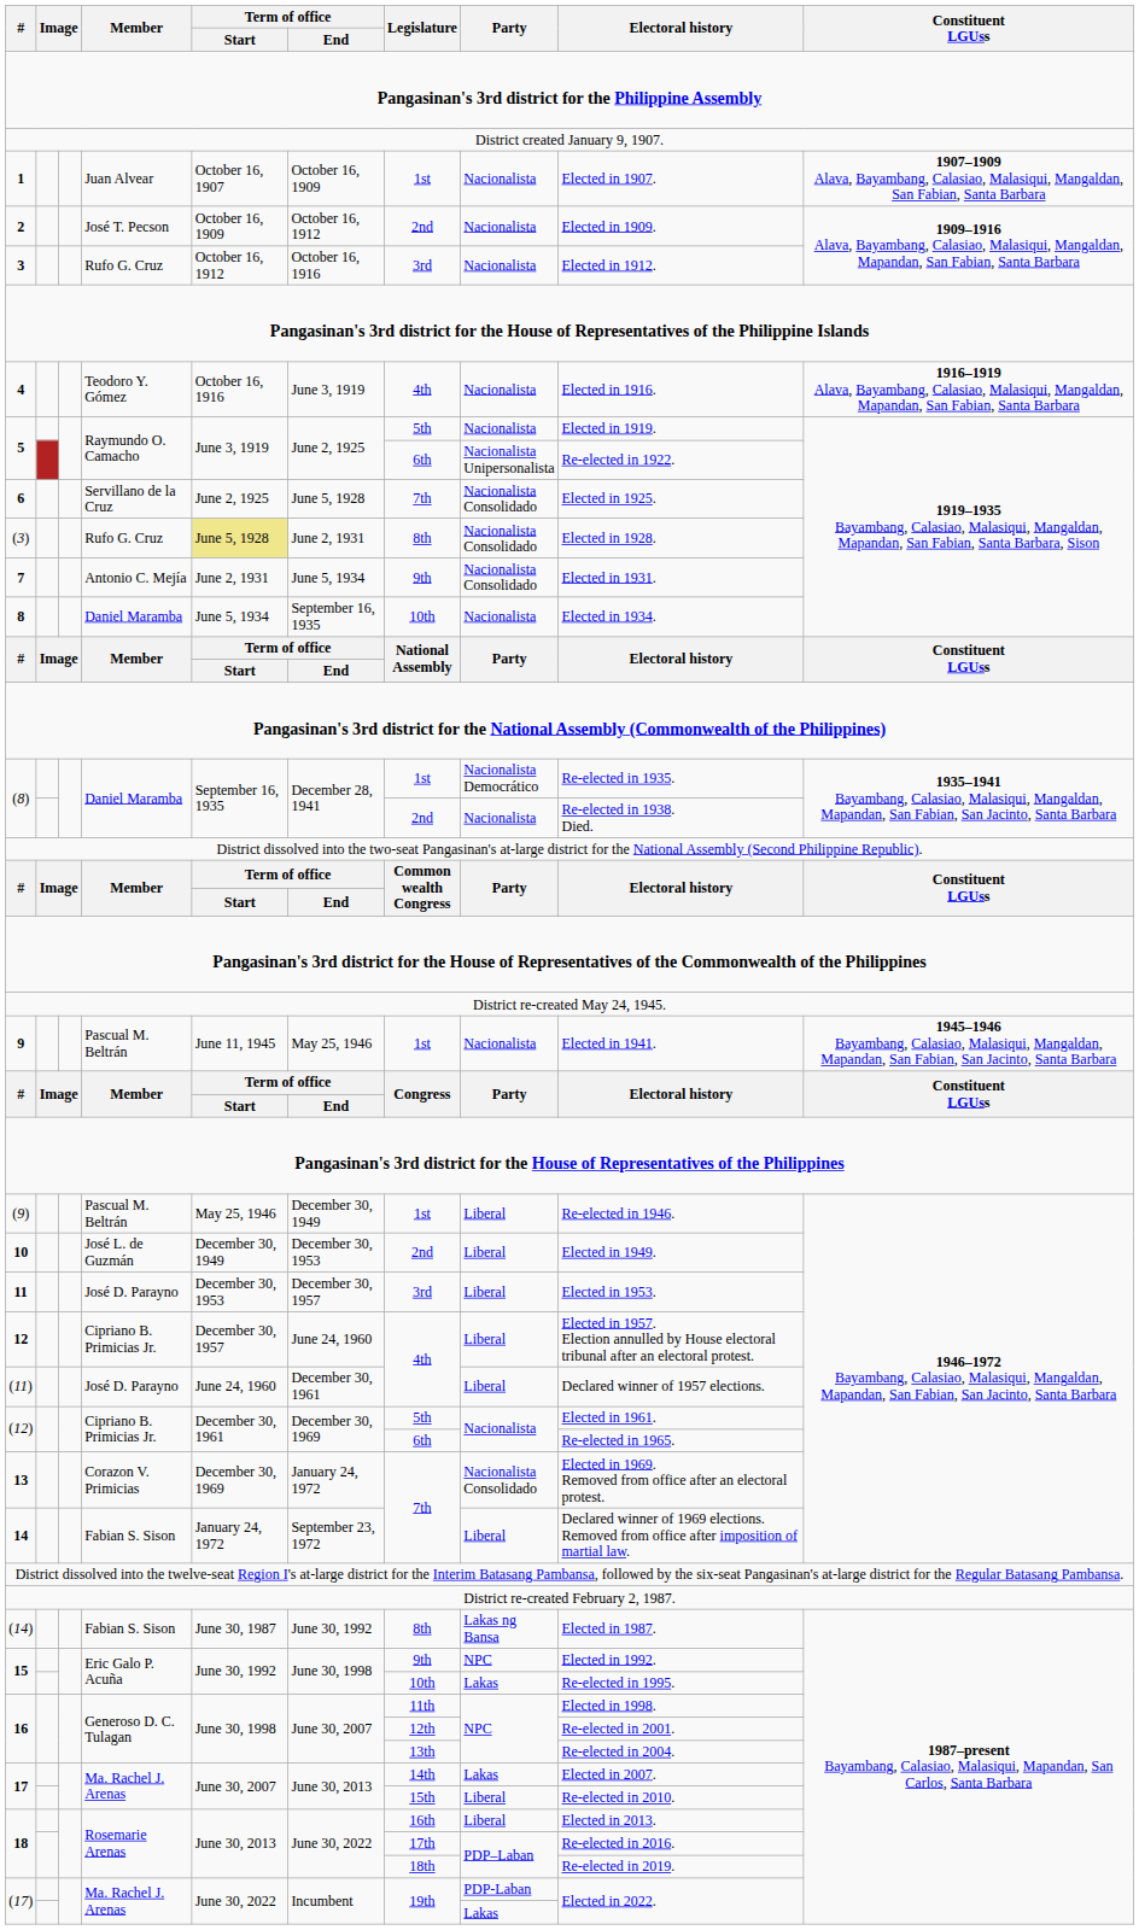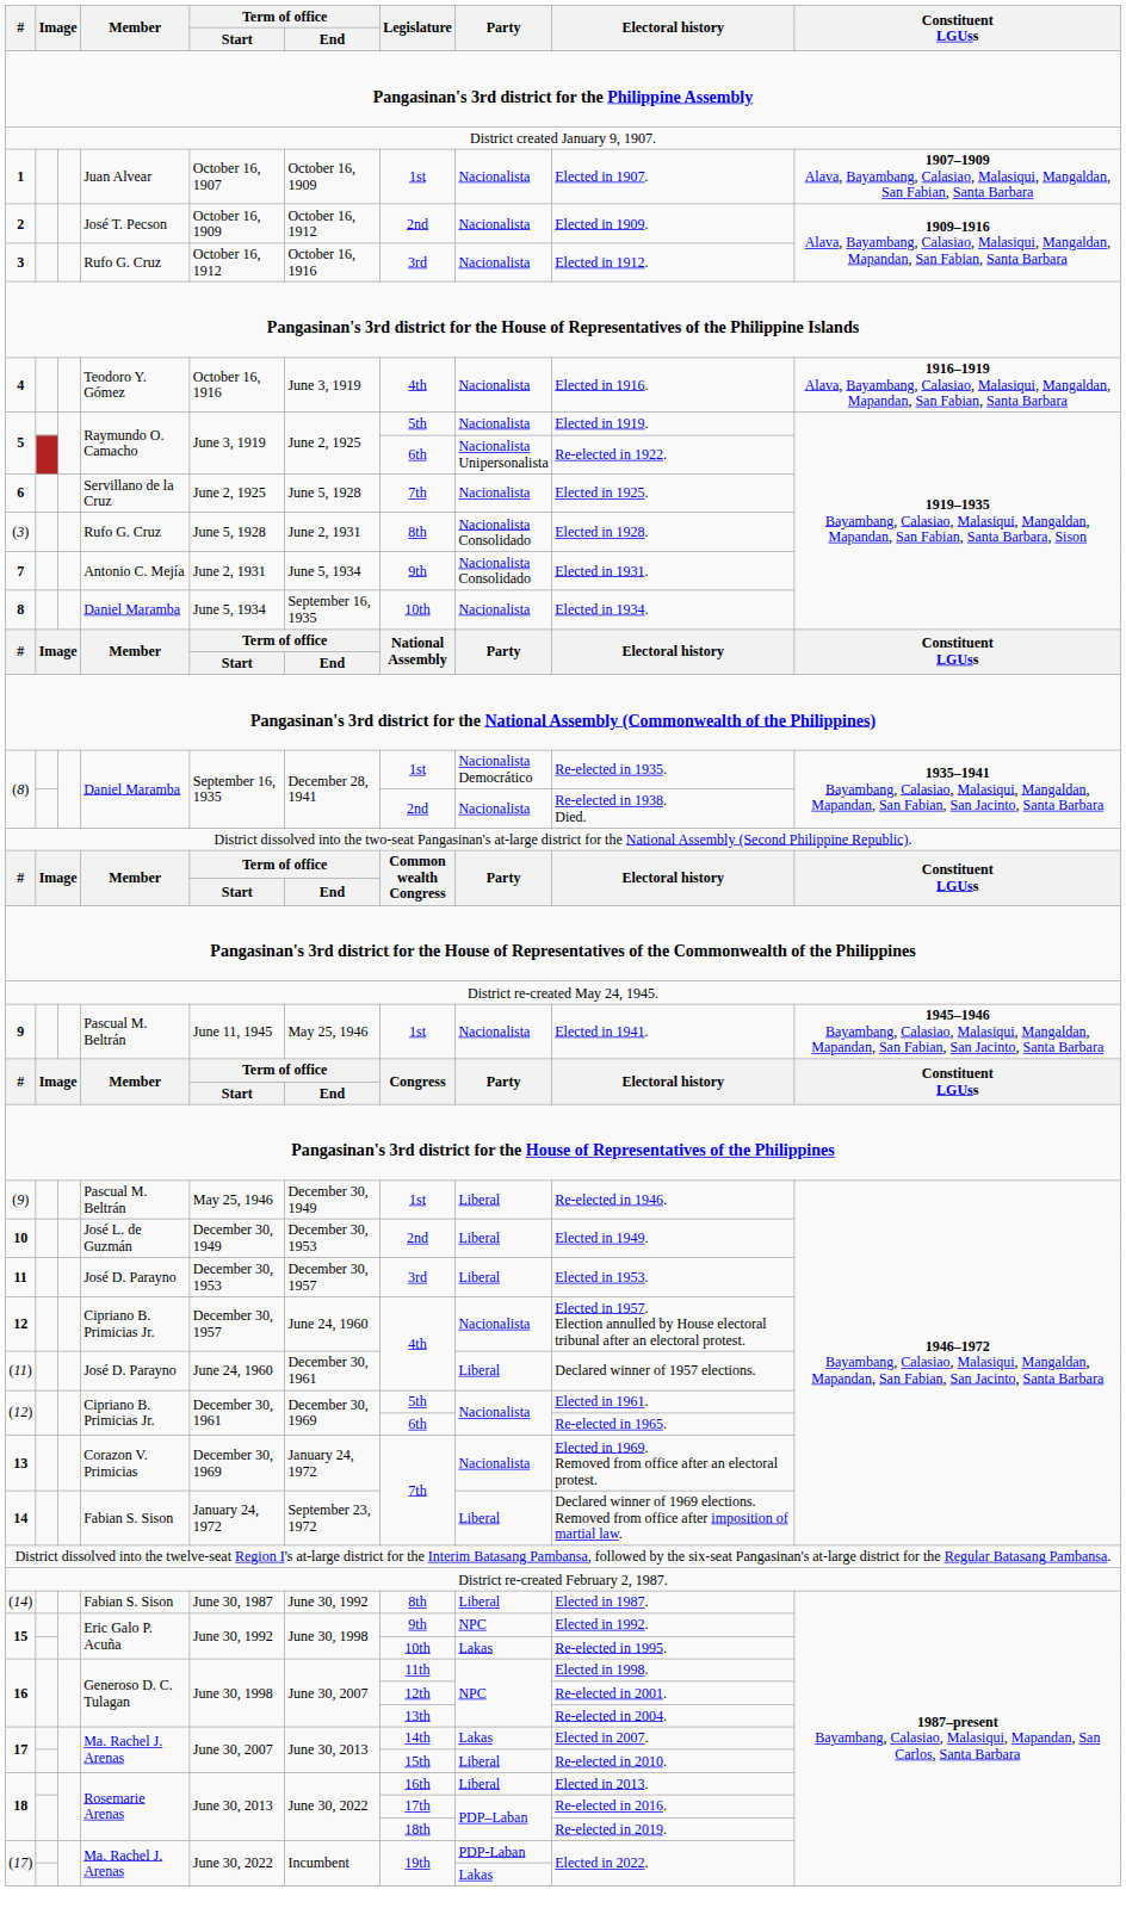 <table class=wikitable>
 <tr>
 <th rowspan="2">#</th>
 <th rowspan="2" colspan=2>Image</th>
 <th rowspan="2">Member</th>
 <th colspan=2>Term of office</th>
 <th rowspan="2">Legislature</th>
 <th rowspan="2">Party</th>
 <th rowspan="2">Electoral history</th>
 <th rowspan="2">Constituent<br><a href='#'>LGUs</a>s</th>
 </tr>
 <tr>
 <th>Start</th>
 <th>End</th>
 </tr>
 <tr>
 <td colspan="10" style="text-align:center;"><br><h3>Pangasinan's 3rd district for the <a href='#'>Philippine Assembly</a></h3></td>
 </tr>
 <tr>
 <td colspan="10" style="text-align:center;">District created January 9, 1907.</td>
 </tr>
 <tr>
 <td style="text-align:center;"><strong>1</strong></td>
 <td style="color:inherit;background:"></td>
 <td></td>
 <td>Juan Alvear</td>
 <td>October 16, 1907</td>
 <td>October 16, 1909</td>
 <td style="text-align:center;"><a href='#'>1st</a></td>
 <td><a href='#'>Nacionalista</a></td>
 <td><a href='#'>Elected in 1907</a>.</td>
 <td style="text-align:center;"><strong>1907–1909</strong><br><a href='#'>Alava</a>, <a href='#'>Bayambang</a>, <a href='#'>Calasiao</a>, <a href='#'>Malasiqui</a>, <a href='#'>Mangaldan</a>, <a href='#'>San Fabian</a>, <a href='#'>Santa Barbara</a></td>
 </tr>
 <tr>
 <td style="text-align:center;"><strong>2</strong></td>
 <td style="color:inherit;background:"></td>
 <td></td>
 <td>José T. Pecson</td>
 <td>October 16, 1909</td>
 <td>October 16, 1912</td>
 <td style="text-align:center;"><a href='#'>2nd</a></td>
 <td><a href='#'>Nacionalista</a></td>
 <td><a href='#'>Elected in 1909</a>.</td>
 <td rowspan="2" style="text-align:center;"><strong>1909–1916</strong><br><a href='#'>Alava</a>, <a href='#'>Bayambang</a>, <a href='#'>Calasiao</a>, <a href='#'>Malasiqui</a>, <a href='#'>Mangaldan</a>, <a href='#'>Mapandan</a>, <a href='#'>San Fabian</a>, <a href='#'>Santa Barbara</a></td>
 </tr>
 <tr>
 <td style="text-align:center;"><strong>3</strong></td>
 <td style="color:inherit;background:"></td>
 <td></td>
 <td>Rufo G. Cruz</td>
 <td>October 16, 1912</td>
 <td>October 16, 1916</td>
 <td style="text-align:center;"><a href='#'>3rd</a></td>
 <td><a href='#'>Nacionalista</a></td>
 <td><a href='#'>Elected in 1912</a>.</td>
 </tr>
 <tr>
 <td colspan="10" style="text-align:center;"><br><h3>Pangasinan's 3rd district for the House of Representatives of the Philippine Islands</h3></td>
 </tr>
 <tr>
 <td style="text-align:center;"><strong>4</strong></td>
 <td style="color:inherit;background:"></td>
 <td></td>
 <td>Teodoro Y. Gómez</td>
 <td>October 16, 1916</td>
 <td>June 3, 1919</td>
 <td style="text-align:center;"><a href='#'>4th</a></td>
 <td><a href='#'>Nacionalista</a></td>
 <td><a href='#'>Elected in 1916</a>.</td>
 <td style="text-align:center;"><strong>1916–1919</strong><br><a href='#'>Alava</a>, <a href='#'>Bayambang</a>, <a href='#'>Calasiao</a>, <a href='#'>Malasiqui</a>, <a href='#'>Mangaldan</a>, <a href='#'>Mapandan</a>, <a href='#'>San Fabian</a>, <a href='#'>Santa Barbara</a></td>
 </tr>
 <tr>
 <td rowspan="2" style="text-align:center;"><strong>5</strong></td>
 <td style="color:inherit;background:"></td>
 <td rowspan="2"></td>
 <td rowspan="2">Raymundo O. Camacho</td>
 <td rowspan="2">June 3, 1919</td>
 <td rowspan="2">June 2, 1925</td>
 <td style="text-align:center;"><a href='#'>5th</a></td>
 <td><a href='#'>Nacionalista</a></td>
 <td><a href='#'>Elected in 1919</a>.</td>
 <td rowspan="6" style="text-align:center;"><strong>1919–1935</strong><br><a href='#'>Bayambang</a>, <a href='#'>Calasiao</a>, <a href='#'>Malasiqui</a>, <a href='#'>Mangaldan</a>, <a href='#'>Mapandan</a>, <a href='#'>San Fabian</a>, <a href='#'>Santa Barbara</a>, <a href='#'>Sison</a></td>
 </tr>
 <tr>
 <td style="background-color:#B22222"></td>
 <td style="text-align:center;"><a href='#'>6th</a></td>
 <td><a href='#'>Nacionalista</a><br>Unipersonalista</td>
 <td><a href='#'>Re-elected in 1922</a>.</td>
 </tr>
 <tr>
 <td style="text-align:center;"><strong>6</strong></td>
 <td style="color:inherit;background:"></td>
 <td></td>
 <td>Servillano de la Cruz</td>
 <td>June 2, 1925</td>
 <td>June 5, 1928</td>
 <td style="text-align:center;"><a href='#'>7th</a></td>
-<td><a href='#'>Nacionalista</a><br>Consolidado</td>
+<td><a href='#'>Nacionalista</a></td>
 <td><a href='#'>Elected in 1925</a>.</td>
 </tr>
 <tr>
 <td style="text-align:center;">(<em>3</em>)</td>
 <td style="color:inherit;background:"></td>
 <td></td>
 <td>Rufo G. Cruz</td>
-<td style="background: khaki;">June 5, 1928</td>
+<td>June 5, 1928</td>
 <td>June 2, 1931</td>
 <td style="text-align:center;"><a href='#'>8th</a></td>
 <td><a href='#'>Nacionalista</a><br>Consolidado</td>
 <td><a href='#'>Elected in 1928</a>.</td>
 </tr>
 <tr>
 <td style="text-align:center;"><strong>7</strong></td>
 <td style="color:inherit;background:"></td>
 <td></td>
 <td>Antonio C. Mejía</td>
 <td>June 2, 1931</td>
 <td>June 5, 1934</td>
 <td style="text-align:center;"><a href='#'>9th</a></td>
 <td><a href='#'>Nacionalista</a><br>Consolidado</td>
 <td><a href='#'>Elected in 1931</a>.</td>
 </tr>
 <tr>
 <td style="text-align:center;"><strong>8</strong></td>
 <td style="color:inherit;background:"></td>
 <td></td>
 <td><a href='#'>Daniel Maramba</a></td>
 <td>June 5, 1934</td>
 <td>September 16, 1935</td>
 <td style="text-align:center;"><a href='#'>10th</a></td>
 <td><a href='#'>Nacionalista</a></td>
 <td><a href='#'>Elected in 1934</a>.</td>
 </tr>
 <tr>
 <th rowspan="2">#</th>
 <th rowspan="2" colspan=2>Image</th>
 <th rowspan="2">Member</th>
 <th colspan=2>Term of office</th>
 <th rowspan="2">National<br>Assembly</th>
 <th rowspan="2">Party</th>
 <th rowspan="2">Electoral history</th>
 <th rowspan="2">Constituent<br><a href='#'>LGUs</a>s</th>
 </tr>
 <tr>
 <th>Start</th>
 <th>End</th>
 </tr>
 <tr>
 <td colspan="10" style="text-align:center;"><br><h3>Pangasinan's 3rd district for the <a href='#'>National Assembly (Commonwealth of the Philippines)</a></h3></td>
 </tr>
 <tr>
 <td rowspan="2" style="text-align:center;">(<em>8</em>)</td>
 <td style="color:inherit;background:"></td>
 <td rowspan="2"></td>
 <td rowspan="2"><a href='#'>Daniel Maramba</a></td>
 <td rowspan="2">September 16, 1935</td>
 <td rowspan="2">December 28, 1941</td>
 <td style="text-align:center;"><a href='#'>1st</a></td>
 <td><a href='#'>Nacionalista</a><br>Democrático</td>
 <td><a href='#'>Re-elected in 1935</a>.</td>
 <td rowspan="2" style="text-align:center;"><strong>1935–1941</strong><br><a href='#'>Bayambang</a>, <a href='#'>Calasiao</a>, <a href='#'>Malasiqui</a>, <a href='#'>Mangaldan</a>, <a href='#'>Mapandan</a>, <a href='#'>San Fabian</a>, <a href='#'>San Jacinto</a>, <a href='#'>Santa Barbara</a></td>
 </tr>
 <tr>
 <td style="color:inherit;background:"></td>
 <td style="text-align:center;"><a href='#'>2nd</a></td>
 <td><a href='#'>Nacionalista</a></td>
 <td><a href='#'>Re-elected in 1938</a>.<br>Died.</td>
 </tr>
 <tr>
 <td colspan="10" style="text-align:center;">District dissolved into the two-seat Pangasinan's at-large district for the <a href='#'>National Assembly (Second Philippine Republic)</a>.</td>
 </tr>
 <tr>
 <th rowspan="2">#</th>
 <th rowspan="2" colspan=2>Image</th>
 <th rowspan="2">Member</th>
 <th colspan=2>Term of office</th>
 <th rowspan="2">Common<br>wealth<br>Congress</th>
 <th rowspan="2">Party</th>
 <th rowspan="2">Electoral history</th>
 <th rowspan="2">Constituent<br><a href='#'>LGUs</a>s</th>
 </tr>
 <tr>
 <th>Start</th>
 <th>End</th>
 </tr>
 <tr>
 <td colspan="10" style="text-align:center;"><br><h3>Pangasinan's 3rd district for the House of Representatives of the Commonwealth of the Philippines</h3></td>
 </tr>
 <tr>
 <td colspan="10" style="text-align:center;">District re-created May 24, 1945.</td>
 </tr>
 <tr>
 <td style="text-align:center;"><strong>9</strong></td>
 <td style="color:inherit;background:"></td>
 <td></td>
 <td>Pascual M. Beltrán</td>
 <td>June 11, 1945</td>
 <td>May 25, 1946</td>
 <td style="text-align:center;"><a href='#'>1st</a></td>
 <td><a href='#'>Nacionalista</a></td>
 <td><a href='#'>Elected in 1941</a>.</td>
 <td style="text-align:center;"><strong>1945–1946</strong><br><a href='#'>Bayambang</a>, <a href='#'>Calasiao</a>, <a href='#'>Malasiqui</a>, <a href='#'>Mangaldan</a>, <a href='#'>Mapandan</a>, <a href='#'>San Fabian</a>, <a href='#'>San Jacinto</a>, <a href='#'>Santa Barbara</a></td>
 </tr>
 <tr>
 <th rowspan="2">#</th>
 <th rowspan="2" colspan=2>Image</th>
 <th rowspan="2">Member</th>
 <th colspan=2>Term of office</th>
 <th rowspan="2">Congress</th>
 <th rowspan="2">Party</th>
 <th rowspan="2">Electoral history</th>
 <th rowspan="2">Constituent<br><a href='#'>LGUs</a>s</th>
 </tr>
 <tr>
 <th>Start</th>
 <th>End</th>
 </tr>
 <tr>
 <td colspan="10" style="text-align:center;"><br><h3>Pangasinan's 3rd district for the <a href='#'>House of Representatives of the Philippines</a></h3></td>
 </tr>
 <tr>
 <td style="text-align:center;">(<em>9</em>)</td>
 <td style="color:inherit;background:"></td>
 <td></td>
 <td>Pascual M. Beltrán</td>
 <td>May 25, 1946</td>
 <td>December 30, 1949</td>
 <td style="text-align:center;"><a href='#'>1st</a></td>
 <td><a href='#'>Liberal</a></td>
 <td><a href='#'>Re-elected in 1946</a>.</td>
 <td rowspan="9" style="text-align:center;"><strong>1946–1972</strong><br><a href='#'>Bayambang</a>, <a href='#'>Calasiao</a>, <a href='#'>Malasiqui</a>, <a href='#'>Mangaldan</a>, <a href='#'>Mapandan</a>, <a href='#'>San Fabian</a>, <a href='#'>San Jacinto</a>, <a href='#'>Santa Barbara</a></td>
 </tr>
 <tr>
 <td style="text-align:center;"><strong>10</strong></td>
 <td style="color:inherit;background:"></td>
 <td></td>
 <td>José L. de Guzmán</td>
 <td>December 30, 1949</td>
 <td>December 30, 1953</td>
 <td style="text-align:center;"><a href='#'>2nd</a></td>
 <td><a href='#'>Liberal</a></td>
 <td><a href='#'>Elected in 1949</a>.</td>
 </tr>
 <tr>
 <td style="text-align:center;"><strong>11</strong></td>
 <td style="color:inherit;background:"></td>
 <td></td>
 <td>José D. Parayno</td>
 <td>December 30, 1953</td>
 <td>December 30, 1957</td>
 <td style="text-align:center;"><a href='#'>3rd</a></td>
 <td><a href='#'>Liberal</a></td>
 <td><a href='#'>Elected in 1953</a>.</td>
 </tr>
 <tr>
 <td style="text-align:center;"><strong>12</strong></td>
 <td style="color:inherit;background:"></td>
 <td></td>
 <td>Cipriano B. Primicias Jr.</td>
 <td>December 30, 1957</td>
 <td>June 24, 1960</td>
 <td rowspan="2" style="text-align:center;"><a href='#'>4th</a></td>
-<td><a href='#'>Liberal</a></td>
+<td><a href='#'>Nacionalista</a></td>
 <td><a href='#'>Elected in 1957</a>.<br>Election annulled by House electoral tribunal after an electoral protest.</td>
 </tr>
 <tr>
 <td style="text-align:center;">(<em>11</em>)</td>
 <td style="color:inherit;background:"></td>
 <td></td>
 <td>José D. Parayno</td>
 <td>June 24, 1960</td>
 <td>December 30, 1961</td>
 <td><a href='#'>Liberal</a></td>
 <td>Declared winner of 1957 elections.</td>
 </tr>
 <tr>
 <td rowspan="2" style="text-align:center;">(<em>12</em>)</td>
 <td rowspan="2" style="color:inherit;background:"></td>
 <td rowspan="2"></td>
 <td rowspan="2">Cipriano B. Primicias Jr.</td>
 <td rowspan="2">December 30, 1961</td>
 <td rowspan="2">December 30, 1969</td>
 <td style="text-align:center;"><a href='#'>5th</a></td>
 <td rowspan="2"><a href='#'>Nacionalista</a></td>
 <td><a href='#'>Elected in 1961</a>.</td>
 </tr>
 <tr>
 <td style="text-align:center;"><a href='#'>6th</a></td>
 <td><a href='#'>Re-elected in 1965</a>.</td>
 </tr>
 <tr>
 <td style="text-align:center;"><strong>13</strong></td>
 <td style="color:inherit;background:"></td>
 <td></td>
 <td>Corazon V. Primicias</td>
 <td>December 30, 1969</td>
 <td>January 24, 1972</td>
 <td rowspan="2" style="text-align:center;"><a href='#'>7th</a></td>
-<td><a href='#'>Nacionalista</a><br>Consolidado</td>
+<td><a href='#'>Nacionalista</a></td>
 <td><a href='#'>Elected in 1969</a>.<br>Removed from office after an electoral protest.</td>
 </tr>
 <tr>
 <td style="text-align:center;"><strong>14</strong></td>
 <td style="color:inherit;background:"></td>
 <td></td>
 <td>Fabian S. Sison</td>
 <td>January 24, 1972</td>
 <td>September 23, 1972</td>
 <td><a href='#'>Liberal</a></td>
 <td>Declared winner of 1969 elections.<br>Removed from office after <a href='#'>imposition of martial law</a>.</td>
 </tr>
 <tr>
 <td colspan="10" style="text-align:center;">District dissolved into the twelve-seat <a href='#'>Region I</a>'s at-large district for the <a href='#'>Interim Batasang Pambansa</a>, followed by the six-seat Pangasinan's at-large district for the <a href='#'>Regular Batasang Pambansa</a>.</td>
 </tr>
 <tr>
 <td colspan="10" style="text-align:center;">District re-created February 2, 1987.</td>
 </tr>
 <tr>
 <td style="text-align:center;">(<em>14</em>)</td>
 <td style="color:inherit;background:"></td>
 <td></td>
 <td>Fabian S. Sison</td>
 <td>June 30, 1987</td>
 <td>June 30, 1992</td>
 <td style="text-align:center;"><a href='#'>8th</a></td>
-<td><a href='#'>Lakas ng Bansa</a></td>
+<td><a href='#'>Liberal</a></td>
 <td><a href='#'>Elected in 1987</a>.</td>
 <td rowspan="13" style="text-align:center;"><strong>1987–present</strong><br><a href='#'>Bayambang</a>, <a href='#'>Calasiao</a>, <a href='#'>Malasiqui</a>, <a href='#'>Mapandan</a>, <a href='#'>San Carlos</a>, <a href='#'>Santa Barbara</a></td>
 </tr>
 <tr>
 <td rowspan="2" style="text-align:center;"><strong>15</strong></td>
 <td style="color:inherit;background:"></td>
 <td rowspan="2"></td>
 <td rowspan="2">Eric Galo P. Acuña</td>
 <td rowspan="2">June 30, 1992</td>
 <td rowspan="2">June 30, 1998</td>
 <td style="text-align:center;"><a href='#'>9th</a></td>
 <td><a href='#'>NPC</a></td>
 <td><a href='#'>Elected in 1992</a>.</td>
 </tr>
 <tr>
 <td style="color:inherit;background:"></td>
 <td style="text-align:center;"><a href='#'>10th</a></td>
 <td><a href='#'>Lakas</a></td>
 <td><a href='#'>Re-elected in 1995</a>.</td>
 </tr>
 <tr>
 <td rowspan="3" style="text-align:center;"><strong>16</strong></td>
 <td rowspan="3" style="color:inherit;background:"></td>
 <td rowspan="3"></td>
 <td rowspan="3">Generoso D. C. Tulagan</td>
 <td rowspan="3">June 30, 1998</td>
 <td rowspan="3">June 30, 2007</td>
 <td style="text-align:center;"><a href='#'>11th</a></td>
 <td rowspan="3"><a href='#'>NPC</a></td>
 <td><a href='#'>Elected in 1998</a>.</td>
 </tr>
 <tr>
 <td style="text-align:center;"><a href='#'>12th</a></td>
 <td><a href='#'>Re-elected in 2001</a>.</td>
 </tr>
 <tr>
 <td style="text-align:center;"><a href='#'>13th</a></td>
 <td><a href='#'>Re-elected in 2004</a>.</td>
 </tr>
 <tr>
 <td rowspan="2" style="text-align:center;"><strong>17</strong></td>
 <td style="color:inherit;background:"></td>
 <td rowspan="2"></td>
 <td rowspan="2"><a href='#'>Ma. Rachel J. Arenas</a></td>
 <td rowspan="2">June 30, 2007</td>
 <td rowspan="2">June 30, 2013</td>
 <td style="text-align:center;"><a href='#'>14th</a></td>
 <td><a href='#'>Lakas</a></td>
 <td><a href='#'>Elected in 2007</a>.</td>
 </tr>
 <tr>
 <td style="color:inherit;background:"></td>
 <td style="text-align:center;"><a href='#'>15th</a></td>
 <td><a href='#'>Liberal</a></td>
 <td><a href='#'>Re-elected in 2010</a>.</td>
 </tr>
 <tr>
 <td rowspan="3" style="text-align:center;"><strong>18</strong></td>
 <td style="color:inherit;background:"></td>
 <td rowspan="3"></td>
 <td rowspan="3"><a href='#'>Rosemarie Arenas</a></td>
 <td rowspan="3">June 30, 2013</td>
 <td rowspan="3">June 30, 2022</td>
 <td style="text-align:center;"><a href='#'>16th</a></td>
 <td><a href='#'>Liberal</a></td>
 <td><a href='#'>Elected in 2013</a>.</td>
 </tr>
 <tr>
 <td rowspan="2" style="color:inherit;background:"></td>
 <td style="text-align:center;"><a href='#'>17th</a></td>
 <td rowspan="2"><a href='#'>PDP–Laban</a></td>
 <td><a href='#'>Re-elected in 2016</a>.</td>
 </tr>
 <tr>
 <td style="text-align:center;"><a href='#'>18th</a></td>
 <td><a href='#'>Re-elected in 2019</a>.</td>
 </tr>
 <tr>
 <td rowspan=2 style="text-align:center;">(<em>17</em>)</td>
 <td style="color:inherit;background:"></td>
 <td rowspan=2></td>
 <td rowspan=2><a href='#'>Ma. Rachel J. Arenas</a></td>
 <td rowspan=2>June 30, 2022</td>
 <td rowspan=2>Incumbent</td>
 <td rowspan=2 style="text-align:center;"><a href='#'>19th</a></td>
 <td><a href='#'>PDP-Laban</a></td>
 <td rowspan=2><a href='#'>Elected in 2022</a>.</td>
 </tr>
 <tr>
 <td style="color:inherit;background:"></td>
 <td><a href='#'>Lakas</a></td>
 </tr>
 </table>
